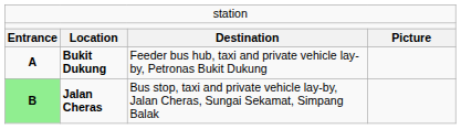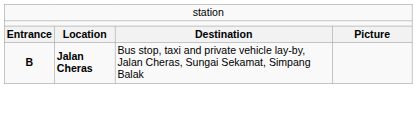 <table class="wikitable" style="width:70%">
 <tr>
 <td colspan="4" align="center"> station</td>
 </tr>
 <tr>
 <td colspan="4" align="center"></td>
 </tr>
 <tr>
 <th style="width:10%">Entrance</th>
 <th style="width:15%">Location</th>
 <th style="width:55%">Destination</th>
 <th style="width:20%">Picture</th>
 </tr>
 <tr>
-<td align="center"><strong><span>A</span></strong></td>
-<td><strong>Bukit Dukung</strong></td>
-<td>Feeder bus hub, taxi and private vehicle lay-by, Petronas Bukit Dukung</td>
-<td></td>
-</tr>
-<tr>
-<td align="center" style="background: lightgreen;"><strong><span>B</span></strong></td>
+<td align="center"><strong><span>B</span></strong></td>
 <td><strong>Jalan Cheras</strong></td>
 <td>Bus stop, taxi and private vehicle lay-by, Jalan Cheras, Sungai Sekamat, Simpang Balak</td>
 <td></td>
 </tr>
 </table>
